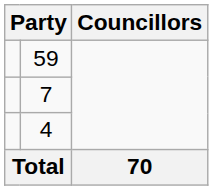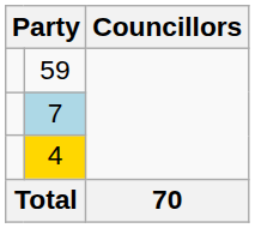 <table class="wikitable">
 <tr>
 <th colspan=2>Party</th>
 <th>Councillors</th>
 </tr>
 <tr>
 <td></td>
 <td align=center>59</td>
 </tr>
 <tr>
 <td></td>
-<td align=center>7</td>
+<td align=center style="background: lightblue;">7</td>
 </tr>
 <tr>
 <td></td>
-<td align=center>4</td>
+<td align=center style="background: gold;">4</td>
 </tr>
 <tr>
 <th colspan=2>Total</th>
 <th>70</th>
 </tr>
 </table>
